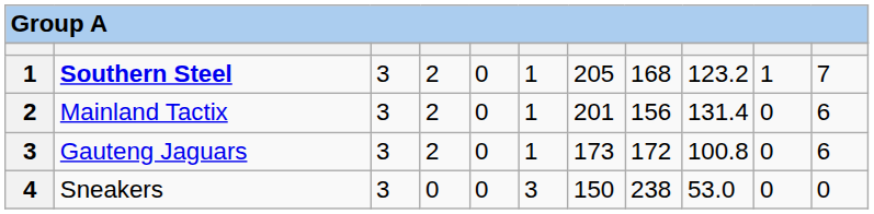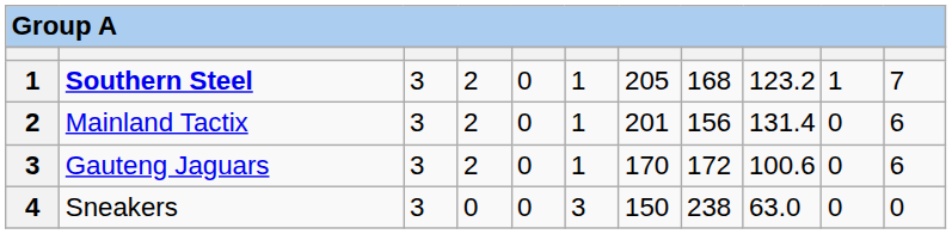 <table class="wikitable collapsible">
 <tr>
 <td colspan=11 style="background-color:#ABCDEF"><strong>Group A</strong></td>
 </tr>
 <tr>
 </tr>
 <tr>
 <th width="25"></th>
 <th width="200"></th>
 <th width="25"></th>
 <th width="25"></th>
 <th width="25"></th>
 <th width="25"></th>
 <th width="30"></th>
 <th width="30"></th>
 <th width="30"></th>
 <th width="30"></th>
 <th width="30"></th>
 </tr>
 <tr style="background:#">
 <th>1</th>
 <td style="text-align:left;"> <strong><a href='#'>Southern Steel</a></strong></td>
 <td>3</td>
 <td>2</td>
 <td>0</td>
 <td>1</td>
 <td>205</td>
 <td>168</td>
 <td>123.2</td>
 <td>1</td>
 <td>7</td>
 </tr>
 <tr style="background:#">
 <th>2</th>
 <td style="text-align:left;"> <a href='#'>Mainland Tactix</a></td>
 <td>3</td>
 <td>2</td>
 <td>0</td>
 <td>1</td>
 <td>201</td>
 <td>156</td>
 <td>131.4</td>
 <td>0</td>
 <td>6</td>
 </tr>
 <tr style="background:#">
 <th>3</th>
 <td style="text-align:left;"> <a href='#'>Gauteng Jaguars</a></td>
 <td>3</td>
 <td>2</td>
 <td>0</td>
 <td>1</td>
-<td>173</td>
+<td>170</td>
 <td>172</td>
-<td>100.8</td>
+<td>100.6</td>
 <td>0</td>
 <td>6</td>
 </tr>
 <tr style="background:#">
 <th>4</th>
 <td style="text-align:left;"> Sneakers</td>
 <td>3</td>
 <td>0</td>
 <td>0</td>
 <td>3</td>
 <td>150</td>
 <td>238</td>
-<td>53.0</td>
+<td>63.0</td>
 <td>0</td>
 <td>0</td>
 </tr>
 </table>
